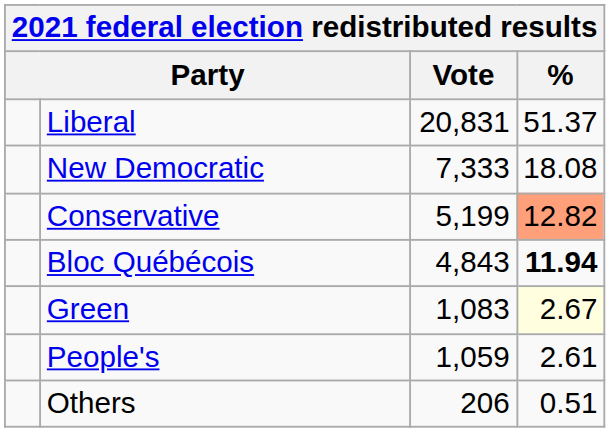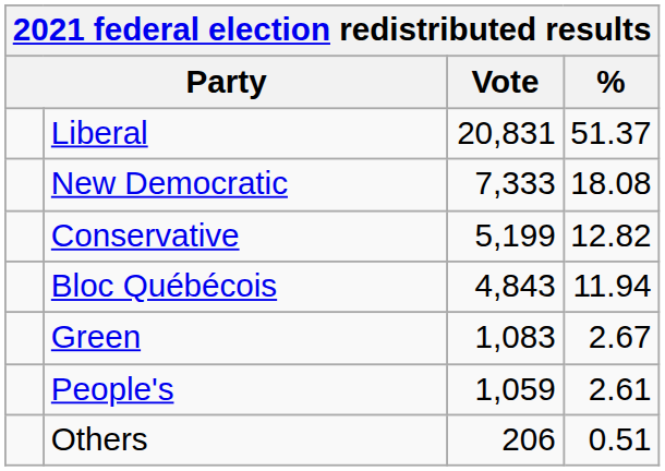 <table class="wikitable">
 <tr>
 <th colspan="4"><a href='#'>2021 federal election</a> redistributed results</th>
 </tr>
 <tr>
 <th bgcolor="#DDDDFF" width="130px" colspan="2">Party</th>
 <th bgcolor="#DDDDFF" width="50px">Vote</th>
 <th bgcolor="#DDDDFF" width="30px">%</th>
 </tr>
 <tr>
 <td> </td>
 <td><a href='#'>Liberal</a></td>
 <td align=right>20,831</td>
 <td align=right>51.37</td>
 </tr>
 <tr>
 <td> </td>
 <td><a href='#'>New Democratic</a></td>
 <td align=right>7,333</td>
 <td align=right>18.08</td>
 </tr>
 <tr>
 <td> </td>
 <td><a href='#'>Conservative</a></td>
 <td align=right>5,199</td>
-<td align=right style="background: lightsalmon;">12.82</td>
+<td align=right>12.82</td>
 </tr>
 <tr>
 <td> </td>
 <td><a href='#'>Bloc Québécois</a></td>
 <td align=right>4,843</td>
-<td align=right><strong>11.94</strong></td>
+<td align=right>11.94</td>
 </tr>
 <tr>
 <td> </td>
 <td><a href='#'>Green</a></td>
 <td align=right>1,083</td>
-<td align=right style="background: lightyellow;">2.67</td>
+<td align=right>2.67</td>
 </tr>
 <tr>
 <td> </td>
 <td><a href='#'>People's</a></td>
 <td align=right>1,059</td>
 <td align=right>2.61</td>
 </tr>
 <tr>
 <td> </td>
 <td>Others</td>
 <td align=right>206</td>
 <td align=right>0.51</td>
 </tr>
 </table>
